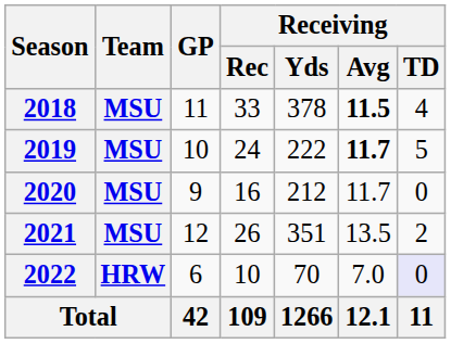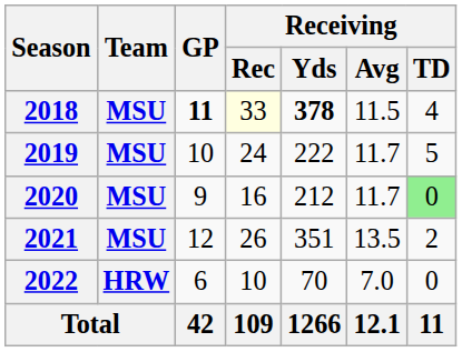 <table class="wikitable" style="text-align:center;">
 <tr>
 <th rowspan="2">Season</th>
 <th rowspan="2">Team</th>
 <th rowspan="2">GP</th>
 <th colspan="4">Receiving</th>
 </tr>
 <tr>
 <th>Rec</th>
 <th>Yds</th>
 <th>Avg</th>
 <th>TD</th>
 </tr>
 <tr>
 <th><a href='#'>2018</a></th>
 <th><a href='#'>MSU</a></th>
-<td>11</td>
-<td>33</td>
-<td>378</td>
-<td><strong>11.5</strong></td>
+<td><strong>11</strong></td>
+<td style="background: lightyellow;">33</td>
+<td><strong>378</strong></td>
+<td>11.5</td>
 <td>4</td>
 </tr>
 <tr>
 <th><a href='#'>2019</a></th>
 <th><a href='#'>MSU</a></th>
 <td>10</td>
 <td>24</td>
 <td>222</td>
-<td><strong>11.7</strong></td>
+<td>11.7</td>
 <td>5</td>
 </tr>
 <tr>
 <th><a href='#'>2020</a></th>
 <th><a href='#'>MSU</a></th>
 <td>9</td>
 <td>16</td>
 <td>212</td>
 <td>11.7</td>
-<td>0</td>
+<td style="background: lightgreen;">0</td>
 </tr>
 <tr>
 <th><a href='#'>2021</a></th>
 <th><a href='#'>MSU</a></th>
 <td>12</td>
 <td>26</td>
 <td>351</td>
 <td>13.5</td>
 <td>2</td>
 </tr>
 <tr>
 <th><a href='#'>2022</a></th>
 <th><a href='#'>HRW</a></th>
 <td>6</td>
 <td>10</td>
 <td>70</td>
 <td>7.0</td>
-<td style="background: lavender;">0</td>
+<td>0</td>
 </tr>
 <tr>
 <th colspan="2">Total</th>
 <th>42</th>
 <th>109</th>
 <th>1266</th>
 <th>12.1</th>
 <th>11</th>
 </tr>
 </table>
